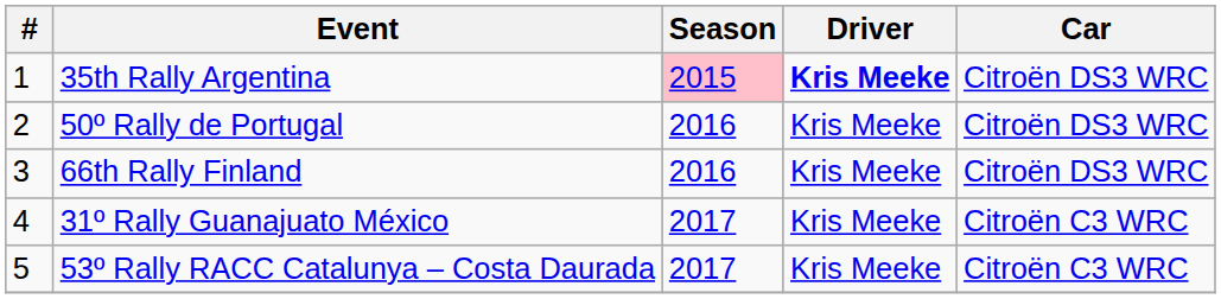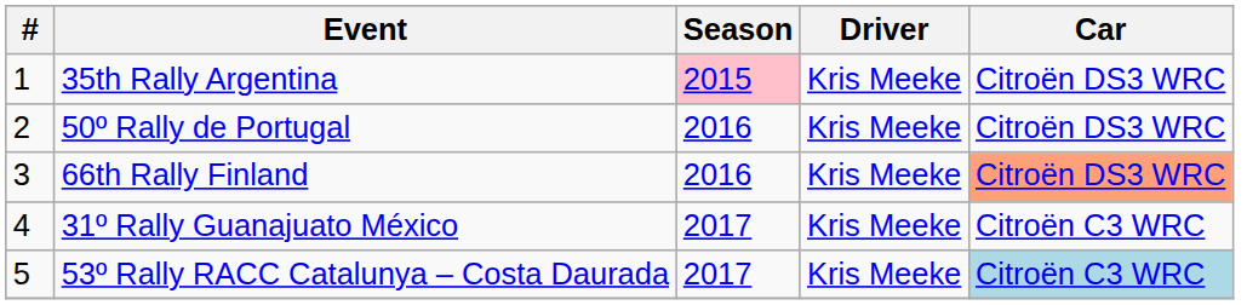 <table class="wikitable">
 <tr>
 <th> # </th>
 <th>Event</th>
 <th>Season</th>
 <th>Driver</th>
 <th>Car</th>
 </tr>
 <tr>
 <td>1</td>
 <td> <a href='#'>35th Rally Argentina</a></td>
 <td style="background: pink;"><a href='#'>2015</a></td>
-<td><strong> <a href='#'>Kris Meeke</a></strong></td>
+<td> <a href='#'>Kris Meeke</a></td>
 <td><a href='#'>Citroën DS3 WRC</a></td>
 </tr>
 <tr>
 <td>2</td>
 <td> <a href='#'>50º Rally de Portugal</a></td>
 <td><a href='#'>2016</a></td>
 <td> <a href='#'>Kris Meeke</a></td>
 <td><a href='#'>Citroën DS3 WRC</a></td>
 </tr>
 <tr>
 <td>3</td>
 <td> <a href='#'>66th Rally Finland</a></td>
 <td><a href='#'>2016</a></td>
 <td> <a href='#'>Kris Meeke</a></td>
-<td><a href='#'>Citroën DS3 WRC</a></td>
+<td style="background: lightsalmon;"><a href='#'>Citroën DS3 WRC</a></td>
 </tr>
 <tr>
 <td>4</td>
 <td> <a href='#'>31º Rally Guanajuato México</a></td>
 <td><a href='#'>2017</a></td>
 <td> <a href='#'>Kris Meeke</a></td>
 <td><a href='#'>Citroën C3 WRC</a></td>
 </tr>
 <tr>
 <td>5</td>
 <td> <a href='#'>53º Rally RACC Catalunya – Costa Daurada</a></td>
 <td><a href='#'>2017</a></td>
 <td> <a href='#'>Kris Meeke</a></td>
-<td><a href='#'>Citroën C3 WRC</a></td>
+<td style="background: lightblue;"><a href='#'>Citroën C3 WRC</a></td>
 </tr>
 <tr>
 </tr>
 </table>
